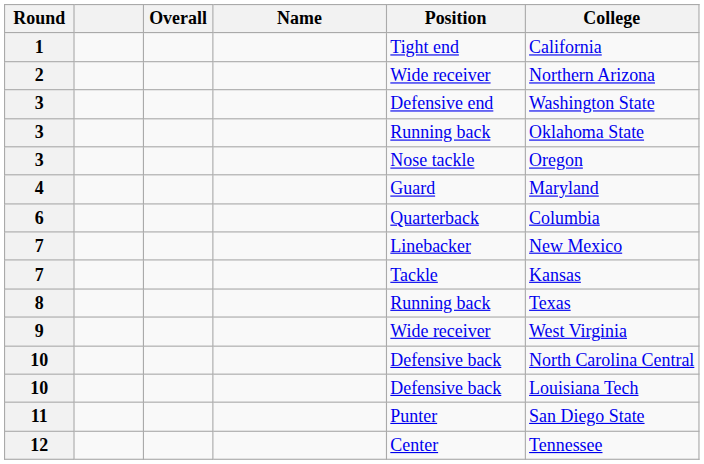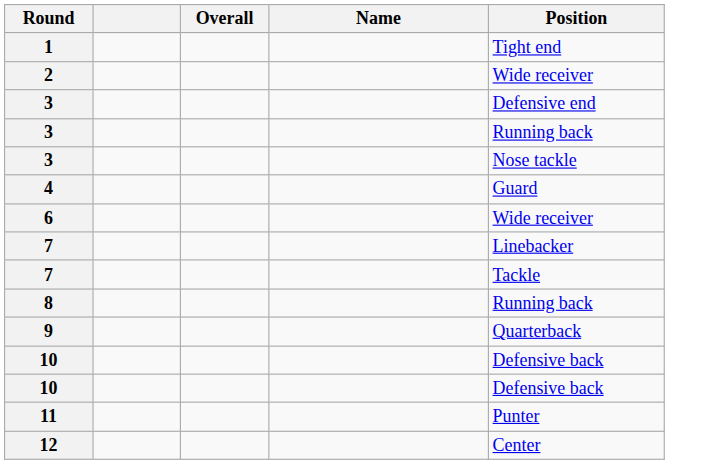 <table class="wikitable sortable">
 <tr>
 <th scope="col" style="width: 10%;">Round</th>
 <th scope="col" style="width: 10%;"></th>
 <th scope="col" style="width: 10%;">Overall</th>
 <th scope="col" style="width: 25%;">Name</th>
 <th scope="col" style="width: 20%;">Position</th>
-<th scope="col" style="width: 25%;">College</th>
 </tr>
 <tr>
 <th scope="row">1</th>
 <td></td>
 <td></td>
 <td></td>
 <td><a href='#'>Tight end</a></td>
-<td><a href='#'>California</a></td>
 </tr>
 <tr>
 <th scope="row">2</th>
 <td></td>
 <td></td>
 <td></td>
 <td><a href='#'>Wide receiver</a></td>
-<td><a href='#'>Northern Arizona</a></td>
 </tr>
 <tr>
 <th scope="row">3</th>
 <td></td>
 <td></td>
 <td></td>
 <td><a href='#'>Defensive end</a></td>
-<td><a href='#'>Washington State</a></td>
 </tr>
 <tr>
 <th scope="row">3</th>
 <td></td>
 <td></td>
 <td></td>
 <td><a href='#'>Running back</a></td>
-<td><a href='#'>Oklahoma State</a></td>
 </tr>
 <tr>
 <th scope="row">3</th>
 <td></td>
 <td></td>
 <td></td>
 <td><a href='#'>Nose tackle</a></td>
-<td><a href='#'>Oregon</a></td>
 </tr>
 <tr>
 <th scope="row">4</th>
 <td></td>
 <td></td>
 <td></td>
 <td><a href='#'>Guard</a></td>
-<td><a href='#'>Maryland</a></td>
 </tr>
 <tr>
 <th scope="row">6</th>
 <td></td>
 <td></td>
 <td></td>
-<td><a href='#'>Quarterback</a></td>
-<td><a href='#'>Columbia</a></td>
+<td><a href='#'>Wide receiver</a></td>
 </tr>
 <tr>
 <th scope="row">7</th>
 <td></td>
 <td></td>
 <td></td>
 <td><a href='#'>Linebacker</a></td>
-<td><a href='#'>New Mexico</a></td>
 </tr>
 <tr>
 <th scope="row">7</th>
 <td></td>
 <td></td>
 <td></td>
 <td><a href='#'>Tackle</a></td>
-<td><a href='#'>Kansas</a></td>
 </tr>
 <tr>
 <th scope="row">8</th>
 <td></td>
 <td></td>
 <td></td>
 <td><a href='#'>Running back</a></td>
-<td><a href='#'>Texas</a></td>
 </tr>
 <tr>
 <th scope="row">9</th>
 <td></td>
 <td></td>
 <td></td>
-<td><a href='#'>Wide receiver</a></td>
-<td><a href='#'>West Virginia</a></td>
+<td><a href='#'>Quarterback</a></td>
 </tr>
 <tr>
 <th scope="row">10</th>
 <td></td>
 <td></td>
 <td></td>
 <td><a href='#'>Defensive back</a></td>
-<td><a href='#'>North Carolina Central</a></td>
 </tr>
 <tr>
 <th scope="row">10</th>
 <td></td>
 <td></td>
 <td></td>
 <td><a href='#'>Defensive back</a></td>
-<td><a href='#'>Louisiana Tech</a></td>
 </tr>
 <tr>
 <th scope="row">11</th>
 <td></td>
 <td></td>
 <td></td>
 <td><a href='#'>Punter</a></td>
-<td><a href='#'>San Diego State</a></td>
 </tr>
 <tr>
 <th scope="row">12</th>
 <td></td>
 <td></td>
 <td></td>
 <td><a href='#'>Center</a></td>
-<td><a href='#'>Tennessee</a></td>
 </tr>
 </table>
